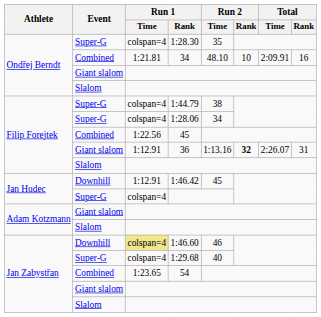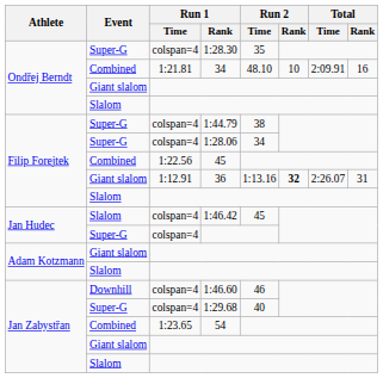 <table class="wikitable" style="font-size:90%">
 <tr>
 <th rowspan=2>Athlete</th>
 <th rowspan=2>Event</th>
 <th colspan=2>Run 1</th>
 <th colspan=2>Run 2</th>
 <th colspan=2>Total</th>
 </tr>
 <tr style="font-size:95%">
 <th>Time</th>
 <th>Rank</th>
 <th>Time</th>
 <th>Rank</th>
 <th>Time</th>
 <th>Rank</th>
 </tr>
 <tr align=center>
 <td align=left rowspan=4><a href='#'>Ondřej Berndt</a></td>
 <td align=left><a href='#'>Super-G</a></td>
 <td>colspan=4 </td>
 <td>1:28.30</td>
 <td>35</td>
 </tr>
 <tr align=center>
 <td align=left><a href='#'>Combined</a></td>
 <td>1:21.81</td>
 <td>34</td>
 <td>48.10</td>
 <td>10</td>
 <td>2:09.91</td>
 <td>16</td>
 </tr>
 <tr align=center>
 <td align=left><a href='#'>Giant slalom</a></td>
 <td colspan=6></td>
 </tr>
 <tr align=center>
 <td align=left><a href='#'>Slalom</a></td>
 <td colspan=6></td>
 </tr>
 <tr align=center>
 <td align=left rowspan=5><a href='#'>Filip Forejtek</a></td>
 <td align=left><a href='#'>Super-G</a></td>
 <td>colspan=4 </td>
 <td>1:44.79</td>
 <td>38</td>
 </tr>
 <tr align=center>
 <td align=left><a href='#'>Super-G</a></td>
 <td>colspan=4 </td>
 <td>1:28.06</td>
 <td>34</td>
 </tr>
 <tr align=center>
 <td align=left><a href='#'>Combined</a></td>
 <td>1:22.56</td>
 <td>45</td>
 <td colspan=4></td>
 </tr>
 <tr align=center>
 <td align=left><a href='#'>Giant slalom</a></td>
 <td>1:12.91</td>
 <td>36</td>
 <td>1:13.16</td>
 <td><strong>32</strong></td>
 <td>2:26.07</td>
 <td>31</td>
 </tr>
 <tr align=center>
 <td align=left><a href='#'>Slalom</a></td>
 <td colspan=6></td>
 </tr>
 <tr align=center>
 <td align=left rowspan=2><a href='#'>Jan Hudec</a></td>
-<td align=left><a href='#'>Downhill</a></td>
-<td>1:12.91</td>
+<td align=left><a href='#'>Slalom</a></td>
+<td>colspan=4 </td>
 <td>1:46.42</td>
 <td>45</td>
 </tr>
 <tr align=center>
 <td align=left><a href='#'>Super-G</a></td>
 <td>colspan=4 </td>
 <td colspan=2></td>
 </tr>
 <tr align=center>
 <td align=left rowspan=2><a href='#'>Adam Kotzmann</a></td>
 <td align=left><a href='#'>Giant slalom</a></td>
 <td colspan=6></td>
 </tr>
 <tr align=center>
 <td align=left><a href='#'>Slalom</a></td>
 <td colspan=6></td>
 </tr>
 <tr align=center>
 <td align=left rowspan=5><a href='#'>Jan Zabystřan</a></td>
 <td align=left><a href='#'>Downhill</a></td>
-<td style="background: khaki;">colspan=4 </td>
+<td>colspan=4 </td>
 <td>1:46.60</td>
 <td>46</td>
 </tr>
 <tr align=center>
 <td align=left><a href='#'>Super-G</a></td>
 <td>colspan=4 </td>
 <td>1:29.68</td>
 <td>40</td>
 </tr>
 <tr align=center>
 <td align=left><a href='#'>Combined</a></td>
 <td>1:23.65</td>
 <td>54</td>
 <td colspan=4></td>
 </tr>
 <tr align=center>
 <td align=left><a href='#'>Giant slalom</a></td>
 <td colspan=6></td>
 </tr>
 <tr align=center>
 <td align=left><a href='#'>Slalom</a></td>
 <td colspan=6></td>
 </tr>
 </table>
